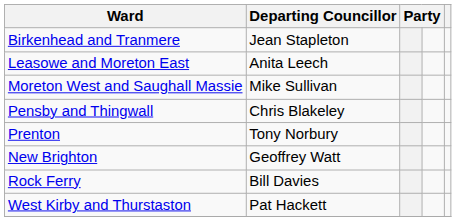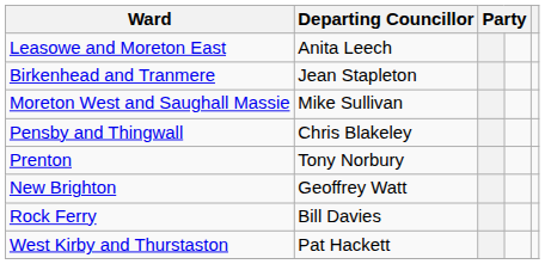 <table class="wikitable sortable">
 <tr>
 <th>Ward</th>
 <th>Departing Councillor</th>
 <th colspan="2">Party</th>
 <th></th>
 </tr>
 <tr>
-<td align="left"><a href='#'>Birkenhead and Tranmere</a></td>
-<td align="left">Jean Stapleton</td>
+<td align="left"><a href='#'>Leasowe and Moreton East</a></td>
+<td align="left">Anita Leech</td>
 <th style="color:inherit;background-color: "></th>
 <td><a href='#'></a></td>
 <td align = center></td>
 </tr>
 <tr>
-<td align="left"><a href='#'>Leasowe and Moreton East</a></td>
-<td align="left">Anita Leech</td>
+<td align="left"><a href='#'>Birkenhead and Tranmere</a></td>
+<td align="left">Jean Stapleton</td>
 <th style="color:inherit;background-color: "></th>
 <td><a href='#'></a></td>
 <td align = center></td>
 </tr>
 <tr>
 <td align="left"><a href='#'>Moreton West and Saughall Massie</a></td>
 <td align="left">Mike Sullivan</td>
 <th style="color:inherit;background-color: "></th>
 <td><a href='#'></a> </td>
 <td align = center></td>
 </tr>
 <tr>
 <td align="left"><a href='#'>Pensby and Thingwall</a></td>
 <td align="left">Chris Blakeley</td>
 <th style="color:inherit;background-color: "></th>
 <td><a href='#'></a></td>
 <td align = center></td>
 </tr>
 <tr>
 <td align="left"><a href='#'>Prenton</a></td>
 <td align="left">Tony Norbury</td>
 <th style="color:inherit;background-color: "></th>
 <td><a href='#'></a> </td>
 <td align = center></td>
 </tr>
 <tr>
 <td align="left"><a href='#'>New Brighton</a></td>
 <td align="left">Geoffrey Watt</td>
 <th style="color:inherit;background-color: "></th>
 <td><a href='#'></a> </td>
 <td align = center></td>
 </tr>
 <tr>
 <td align="left"><a href='#'>Rock Ferry</a></td>
 <td align="left">Bill Davies</td>
 <th style="color:inherit;background-color: "></th>
 <td><a href='#'></a> </td>
 <td align = center></td>
 </tr>
 <tr>
 <td align="left"><a href='#'>West Kirby and Thurstaston</a></td>
 <td align="left">Pat Hackett</td>
 <th style="color:inherit;background-color: "></th>
 <td><a href='#'></a> </td>
 <td align = center></td>
 </tr>
 <tr>
 </tr>
 </table>
